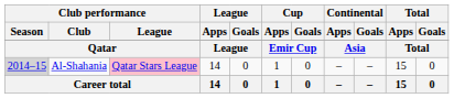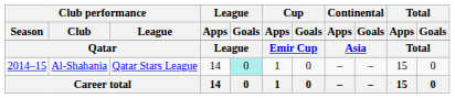 <table class="wikitable" style="text-align:center">
 <tr>
 <th colspan=3>Club performance</th>
 <th colspan=2>League</th>
 <th colspan=2>Cup</th>
 <th colspan=2>Continental</th>
 <th colspan=2>Total</th>
 </tr>
 <tr>
 <th>Season</th>
 <th>Club</th>
 <th>League</th>
 <th>Apps</th>
 <th>Goals</th>
 <th>Apps</th>
 <th>Goals</th>
 <th>Apps</th>
 <th>Goals</th>
 <th>Apps</th>
 <th>Goals</th>
 </tr>
 <tr>
 </tr>
 <tr>
 <th colspan=3>Qatar</th>
 <th colspan=2>League</th>
 <th colspan=2><a href='#'>Emir Cup</a></th>
 <th colspan=2><a href='#'>Asia</a></th>
 <th colspan=2>Total</th>
 </tr>
 <tr>
-<td style="background: lightgrey;"><a href='#'>2014–15</a></td>
+<td><a href='#'>2014–15</a></td>
 <td rowspan="1"><a href='#'>Al-Shahania</a></td>
-<td rowspan="1" style="background: pink;"><a href='#'>Qatar Stars League</a></td>
+<td rowspan="1"><a href='#'>Qatar Stars League</a></td>
 <td>14</td>
-<td>0</td>
+<td style="background: paleturquoise;">0</td>
 <td>1</td>
 <td>0</td>
 <td>–</td>
 <td>–</td>
 <td>15</td>
 <td>0</td>
 </tr>
 <tr>
 <th colspan=3>Career total</th>
 <th>14</th>
 <th>0</th>
 <th>1</th>
 <th>0</th>
 <th>–</th>
 <th>–</th>
 <th>15</th>
 <th>0</th>
 </tr>
 </table>
